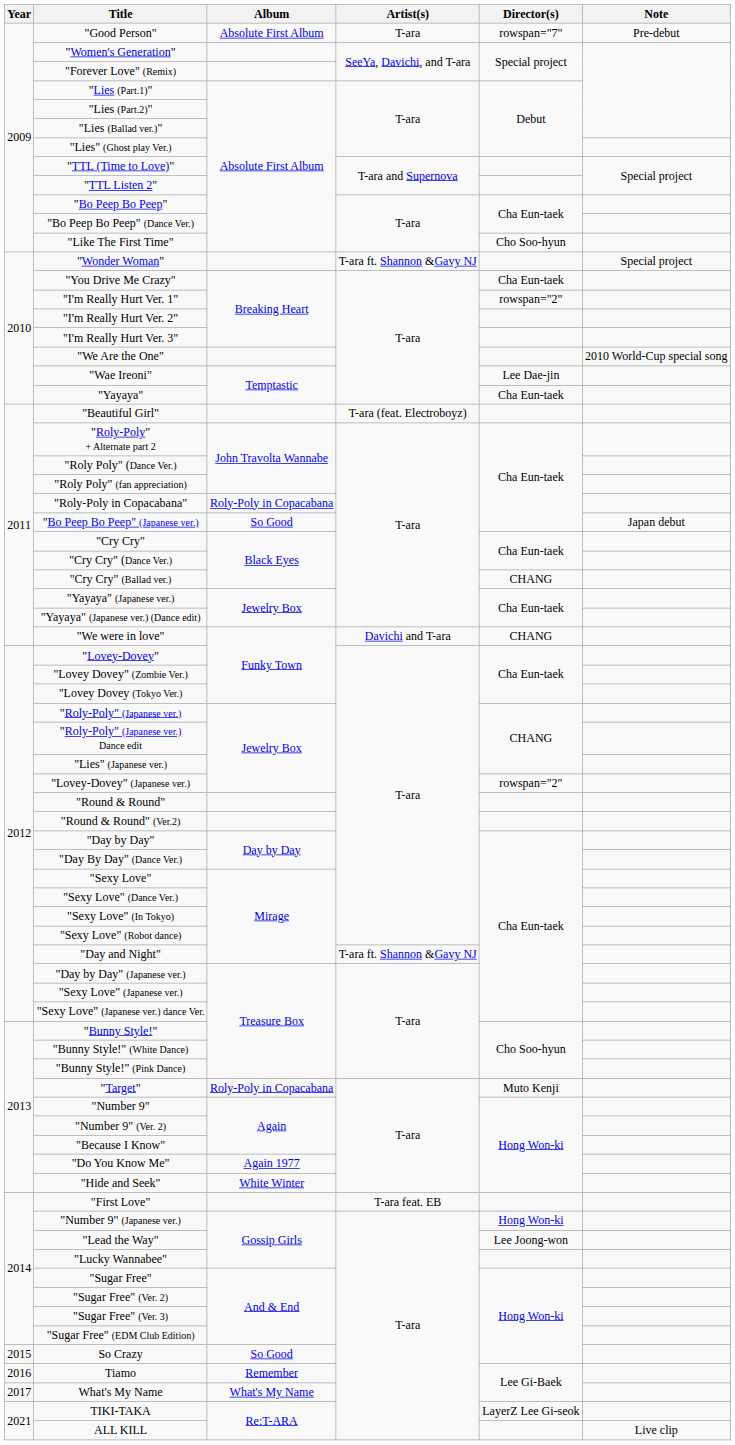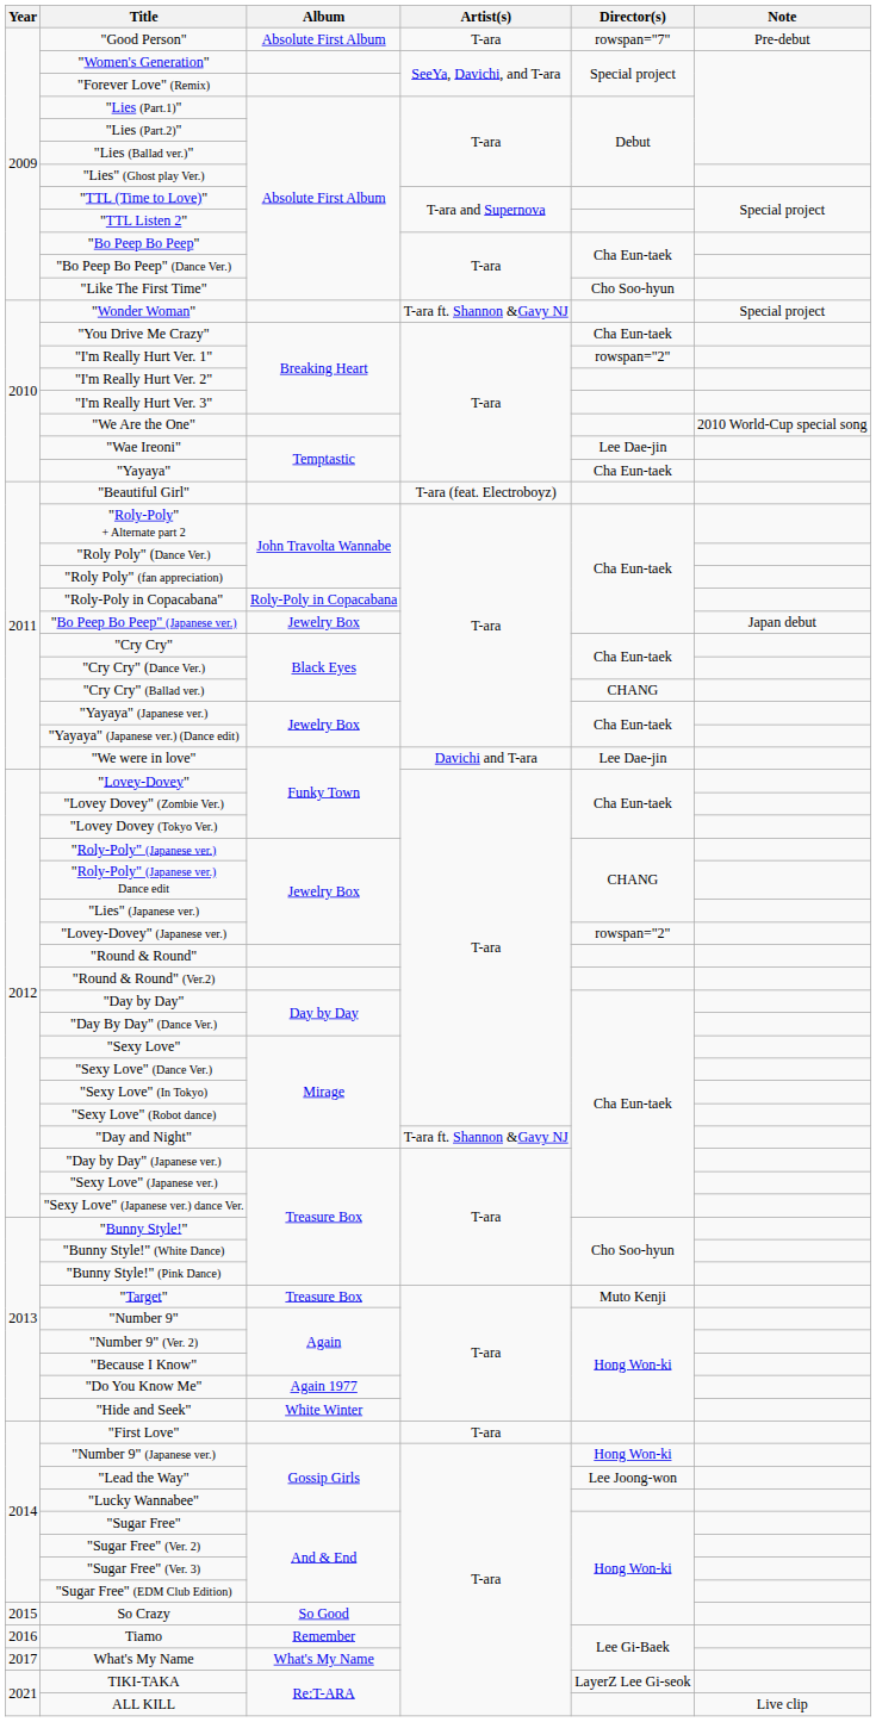 <table class="wikitable plainrowheaders" style="text-align:center; table-layout:fixed; margin-right:0">
 <tr>
 <th scope="col">Year</th>
 <th scope="col">Title</th>
 <th scope="col">Album</th>
 <th scope="col">Artist(s)</th>
 <th scope="col">Director(s)</th>
 <th>Note</th>
 </tr>
 <tr>
 <td rowspan="12">2009</td>
 <td>"Good Person"</td>
 <td><a href='#'>Absolute First Album</a></td>
 <td>T-ara</td>
 <td>rowspan="7" </td>
 <td>Pre-debut</td>
 </tr>
 <tr>
 <td>"<a href='#'>Women's Generation</a>"</td>
 <td></td>
 <td rowspan="2"><a href='#'>SeeYa</a>, <a href='#'>Davichi</a>, and T-ara</td>
 <td rowspan="2">Special project</td>
 </tr>
 <tr>
 <td>"Forever Love" <small>(Remix)</small></td>
 <td></td>
 </tr>
 <tr>
 <td>"<a href='#'>Lies</a> <small>(Part.1)</small>"</td>
 <td rowspan="9"><a href='#'>Absolute First Album</a></td>
 <td rowspan="4">T-ara</td>
 <td rowspan="4">Debut</td>
 </tr>
 <tr>
 <td>"Lies <small>(Part.2)</small>"</td>
 </tr>
 <tr>
 <td>"Lies <small>(Ballad ver.)</small>"</td>
 </tr>
 <tr>
 <td>"Lies" <small>(Ghost play Ver.)</small></td>
 <td></td>
 </tr>
 <tr>
 <td>"<a href='#'>TTL (Time to Love)</a>"</td>
 <td rowspan="2">T-ara and <a href='#'>Supernova</a></td>
 <td></td>
 <td rowspan="2">Special project</td>
 </tr>
 <tr>
 <td>"<a href='#'>TTL Listen 2</a>"</td>
 <td></td>
 </tr>
 <tr>
 <td>"<a href='#'>Bo Peep Bo Peep</a>"</td>
 <td rowspan="3">T-ara</td>
 <td rowspan="2">Cha Eun-taek</td>
 <td></td>
 </tr>
 <tr>
 <td>"Bo Peep Bo Peep" <small>(Dance Ver.)</small></td>
 <td></td>
 </tr>
 <tr>
 <td>"Like The First Time"</td>
 <td>Cho Soo-hyun</td>
 <td></td>
 </tr>
 <tr>
 <td rowspan="8">2010</td>
 <td>"<a href='#'>Wonder Woman</a>"</td>
 <td></td>
 <td>T-ara ft. <a href='#'>Shannon</a> &<a href='#'>Gavy NJ</a></td>
 <td></td>
 <td>Special project</td>
 </tr>
 <tr>
 <td>"You Drive Me Crazy"</td>
 <td rowspan="4"><a href='#'>Breaking Heart</a></td>
 <td rowspan="7">T-ara</td>
 <td>Cha Eun-taek</td>
 <td></td>
 </tr>
 <tr>
 <td>"I'm Really Hurt Ver. 1"</td>
 <td>rowspan="2" </td>
 <td></td>
 </tr>
 <tr>
 <td>"I'm Really Hurt Ver. 2"</td>
 <td></td>
 </tr>
 <tr>
 <td>"I'm Really Hurt Ver. 3"</td>
 <td></td>
 <td></td>
 </tr>
 <tr>
 <td>"We Are the One"</td>
 <td></td>
 <td></td>
 <td>2010 World-Cup special song</td>
 </tr>
 <tr>
 <td>"Wae Ireoni"</td>
 <td rowspan="2"><a href='#'>Temptastic</a></td>
 <td>Lee Dae-jin</td>
 <td></td>
 </tr>
 <tr>
 <td>"Yayaya"</td>
 <td>Cha Eun-taek</td>
 <td></td>
 </tr>
 <tr>
 <td rowspan="12">2011</td>
 <td>"Beautiful Girl"</td>
 <td></td>
 <td>T-ara (feat. Electroboyz)</td>
 <td></td>
 <td></td>
 </tr>
 <tr>
 <td>"<a href='#'>Roly-Poly</a>"<br><small>+ Alternate part 2</small></td>
 <td rowspan="3"><a href='#'>John Travolta Wannabe</a></td>
 <td rowspan="10">T-ara</td>
 <td rowspan="5">Cha Eun-taek</td>
 <td></td>
 </tr>
 <tr>
 <td>"Roly Poly" (<small>Dance Ver.)</small></td>
 <td></td>
 </tr>
 <tr>
 <td>"Roly Poly" <small>(fan appreciation)</small></td>
 <td></td>
 </tr>
 <tr>
 <td>"Roly-Poly in Copacabana"</td>
 <td><a href='#'>Roly-Poly in Copacabana</a></td>
 <td></td>
 </tr>
 <tr>
 <td>"<a href='#'>Bo Peep Bo Peep" <small>(Japanese ver.)</small></a></td>
-<td><a href='#'>So Good</a></td>
+<td><a href='#'>Jewelry Box</a></td>
 <td>Japan debut</td>
 </tr>
 <tr>
 <td>"Cry Cry"</td>
 <td rowspan="3"><a href='#'>Black Eyes</a></td>
 <td rowspan="2">Cha Eun-taek</td>
 <td></td>
 </tr>
 <tr>
 <td>"Cry Cry" (<small>Dance Ver.)</small></td>
 <td></td>
 </tr>
 <tr>
 <td>"Cry Cry" <small>(Ballad ver.)</small></td>
 <td>CHANG</td>
 <td></td>
 </tr>
 <tr>
 <td>"Yayaya" <small>(Japanese ver.)</small></td>
 <td rowspan="2"><a href='#'>Jewelry Box</a></td>
 <td rowspan="2">Cha Eun-taek</td>
 <td></td>
 </tr>
 <tr>
 <td>"Yayaya" <small>(Japanese ver.) (Dance edit)</small></td>
 <td></td>
 </tr>
 <tr>
 <td>"We were in love"</td>
 <td rowspan="4"><a href='#'>Funky Town</a></td>
 <td><a href='#'>Davichi</a> and T-ara</td>
-<td>CHANG</td>
+<td>Lee Dae-jin</td>
 <td></td>
 </tr>
 <tr>
 <td rowspan="19">2012</td>
 <td>"<a href='#'>Lovey-Dovey</a>"</td>
 <td rowspan="15">T-ara</td>
 <td rowspan="3">Cha Eun-taek</td>
 <td></td>
 </tr>
 <tr>
 <td>"Lovey Dovey" <small>(Zombie Ver.)</small></td>
 <td></td>
 </tr>
 <tr>
 <td>"Lovey Dovey <small>(Tokyo Ver.)</small></td>
 <td></td>
 </tr>
 <tr>
 <td>"<a href='#'>Roly-Poly" <small>(Japanese ver.)</small></a></td>
 <td rowspan="4"><a href='#'>Jewelry Box</a></td>
 <td rowspan="3">CHANG</td>
 <td></td>
 </tr>
 <tr>
 <td>"<a href='#'>Roly-Poly" <small>(Japanese ver.)</small></a><small><br>Dance edit</small></td>
 <td></td>
 </tr>
 <tr>
 <td>"Lies" <small>(Japanese ver.)</small></td>
 <td></td>
 </tr>
 <tr>
 <td>"Lovey-Dovey" <small>(Japanese ver.)</small></td>
 <td>rowspan="2" </td>
 <td></td>
 </tr>
 <tr>
 <td>"Round & Round"</td>
 <td></td>
 <td></td>
 </tr>
 <tr>
 <td>"Round & Round" <small>(Ver.2)</small></td>
 <td></td>
 <td></td>
 <td></td>
 </tr>
 <tr>
 <td>"Day by Day"</td>
 <td rowspan="2"><a href='#'>Day by Day</a></td>
 <td rowspan="10">Cha Eun-taek</td>
 <td></td>
 </tr>
 <tr>
 <td>"Day By Day" <small>(Dance Ver.)</small></td>
 <td></td>
 </tr>
 <tr>
 <td>"Sexy Love"</td>
 <td rowspan="5"><a href='#'>Mirage</a> </td>
 <td></td>
 </tr>
 <tr>
 <td>"Sexy Love" <small>(Dance Ver.)</small></td>
 <td></td>
 </tr>
 <tr>
 <td>"Sexy Love" <small>(In Tokyo)</small></td>
 <td></td>
 </tr>
 <tr>
 <td>"Sexy Love" <small>(Robot dance)</small></td>
 <td></td>
 </tr>
 <tr>
 <td>"Day and Night"</td>
 <td>T-ara ft. <a href='#'>Shannon</a> &<a href='#'>Gavy NJ</a></td>
 <td></td>
 </tr>
 <tr>
 <td>"Day by Day" <small>(Japanese ver.)</small></td>
 <td rowspan="6"><a href='#'>Treasure Box</a></td>
 <td rowspan="6">T-ara</td>
 <td></td>
 </tr>
 <tr>
 <td>"Sexy Love" <small>(Japanese ver.)</small></td>
 <td></td>
 </tr>
 <tr>
 <td>"Sexy Love" <small>(Japanese ver.) dance Ver.</small></td>
 <td></td>
 </tr>
 <tr>
 <td rowspan="9">2013</td>
 <td>"<a href='#'>Bunny Style!</a>"</td>
 <td rowspan="3">Cho Soo-hyun</td>
 <td></td>
 </tr>
 <tr>
 <td>"Bunny Style!" <small>(White Dance)</small></td>
 <td></td>
 </tr>
 <tr>
 <td>"Bunny Style!" <small>(Pink Dance)</small></td>
 <td></td>
 </tr>
 <tr>
 <td>"<a href='#'>Target</a>"</td>
-<td><a href='#'>Roly-Poly in Copacabana</a></td>
+<td><a href='#'>Treasure Box</a></td>
 <td rowspan="6">T-ara</td>
 <td>Muto Kenji</td>
 <td></td>
 </tr>
 <tr>
 <td>"Number 9"</td>
 <td rowspan="3"><a href='#'>Again</a></td>
 <td rowspan="5"><a href='#'>Hong Won-ki</a></td>
 <td></td>
 </tr>
 <tr>
 <td>"Number 9" <small>(Ver. 2)</small></td>
 <td></td>
 </tr>
 <tr>
 <td>"Because I Know"</td>
 <td></td>
 </tr>
 <tr>
 <td>"Do You Know Me"</td>
 <td><a href='#'>Again 1977</a></td>
 <td></td>
 </tr>
 <tr>
 <td>"Hide and Seek"</td>
 <td><a href='#'>White Winter</a></td>
 <td></td>
 </tr>
 <tr>
 <td rowspan="8">2014</td>
 <td>"First Love"</td>
 <td></td>
-<td>T-ara feat. EB</td>
+<td>T-ara</td>
 <td></td>
 <td></td>
 </tr>
 <tr>
 <td>"Number 9" <small>(Japanese ver.)</small></td>
 <td rowspan="3"><a href='#'>Gossip Girls</a></td>
 <td rowspan="12">T-ara</td>
 <td><a href='#'>Hong Won-ki</a></td>
 <td></td>
 </tr>
 <tr>
 <td>"Lead the Way"</td>
 <td>Lee Joong-won</td>
 <td></td>
 </tr>
 <tr>
 <td>"Lucky Wannabee"</td>
 <td></td>
 <td></td>
 </tr>
 <tr>
 <td>"Sugar Free"</td>
 <td rowspan="4"><a href='#'>And & End</a></td>
 <td rowspan="5"><a href='#'>Hong Won-ki</a></td>
 <td></td>
 </tr>
 <tr>
 <td>"Sugar Free" <small>(Ver. 2)</small></td>
 <td></td>
 </tr>
 <tr>
 <td>"Sugar Free" <small>(Ver. 3)</small></td>
 <td></td>
 </tr>
 <tr>
 <td>"Sugar Free" <small>(EDM Club Edition)</small></td>
 <td></td>
 </tr>
 <tr>
 <td>2015</td>
 <td>So Crazy</td>
 <td><a href='#'>So Good</a></td>
 <td></td>
 </tr>
 <tr>
 <td>2016</td>
 <td>Tiamo</td>
 <td><a href='#'>Remember</a></td>
 <td rowspan="2">Lee Gi-Baek</td>
 <td></td>
 </tr>
 <tr>
 <td>2017</td>
 <td>What's My Name</td>
 <td><a href='#'>What's My Name</a></td>
 <td></td>
 </tr>
 <tr>
 <td rowspan="2">2021</td>
 <td>TIKI-TAKA</td>
 <td rowspan="2"><a href='#'>Re:T-ARA</a></td>
 <td>LayerZ Lee Gi-seok</td>
 <td></td>
 </tr>
 <tr>
 <td>ALL KILL</td>
 <td></td>
 <td>Live clip</td>
 </tr>
 </table>
